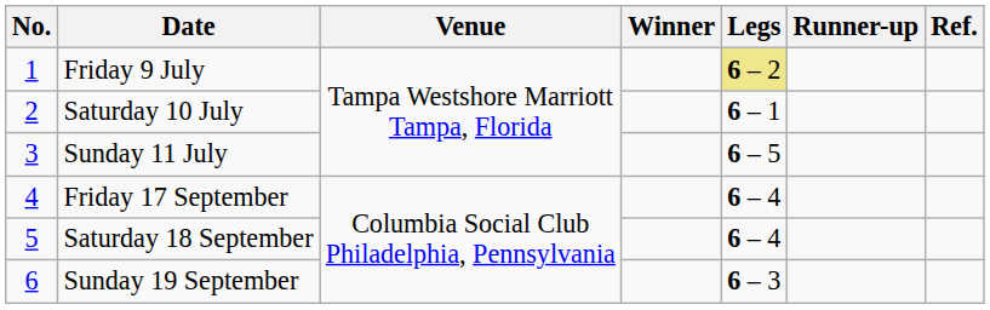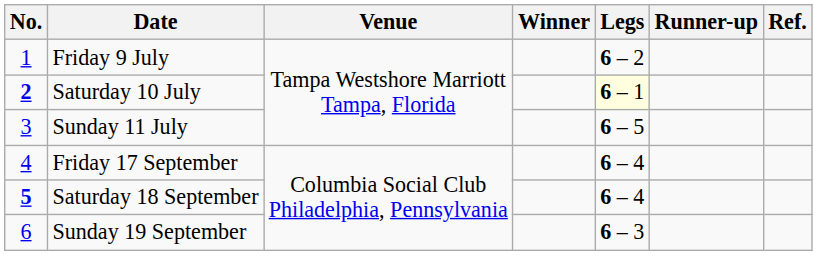 <table class="wikitable">
 <tr>
 <th>No.</th>
 <th>Date</th>
 <th>Venue</th>
 <th>Winner</th>
 <th>Legs</th>
 <th>Runner-up</th>
 <th>Ref.</th>
 </tr>
 <tr>
 <td align=center><a href='#'>1</a></td>
 <td align=left>Friday 9 July</td>
 <td align="center" rowspan="3">Tampa Westshore Marriott<br>  <a href='#'>Tampa</a>, <a href='#'>Florida</a></td>
 <td align="right"></td>
-<td align="center" style="background: khaki;"><strong>6</strong> – 2</td>
+<td align="center"><strong>6</strong> – 2</td>
 <td></td>
 <td align="center"></td>
 </tr>
 <tr>
-<td align=center><a href='#'>2</a></td>
+<td align=center><strong><a href='#'>2</a></strong></td>
 <td align=left>Saturday 10 July</td>
 <td align="right"></td>
-<td align="center"><strong>6</strong> – 1</td>
+<td align="center" style="background: lightyellow;"><strong>6</strong> – 1</td>
 <td></td>
 <td align="center"></td>
 </tr>
 <tr>
 <td align=center><a href='#'>3</a></td>
 <td align=left>Sunday 11 July</td>
 <td align="right"></td>
 <td align="center"><strong>6</strong> – 5</td>
 <td></td>
 <td align="center"></td>
 </tr>
 <tr>
 <td align=center><a href='#'>4</a></td>
 <td align=left>Friday 17 September</td>
 <td align="center" rowspan="3">Columbia Social Club<br>  <a href='#'>Philadelphia</a>, <a href='#'>Pennsylvania</a></td>
 <td align="right"></td>
 <td align="center"><strong>6</strong> – 4</td>
 <td></td>
 <td align="center"></td>
 </tr>
 <tr>
-<td align=center><a href='#'>5</a></td>
+<td align=center><strong><a href='#'>5</a></strong></td>
 <td align=left>Saturday 18 September</td>
 <td align="right"></td>
 <td align="center"><strong>6</strong> – 4</td>
 <td></td>
 <td align="center"></td>
 </tr>
 <tr>
 <td align=center><a href='#'>6</a></td>
 <td align=left>Sunday 19 September</td>
 <td align="right"></td>
 <td align="center"><strong>6</strong> – 3</td>
 <td></td>
 <td align="center"></td>
 </tr>
 </table>
